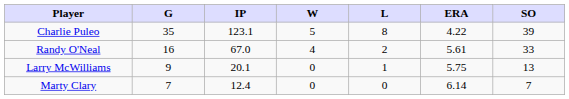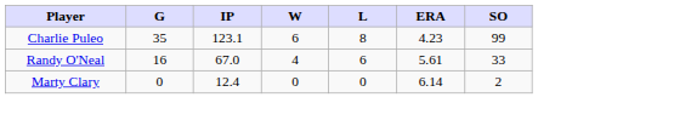 <table class="wikitable sortable">
 <tr>
 <th style="background:#ddf; width:16%">Player</th>
 <th style="background:#ddf; width:9%">G</th>
 <th style="background:#ddf; width:9%">IP</th>
 <th style="background:#ddf; width:9%">W</th>
 <th style="background:#ddf; width:9%">L</th>
 <th style="background:#ddf; width:9%">ERA</th>
 <th style="background:#ddf; width:9%">SO</th>
 </tr>
 <tr align=center>
 <td><a href='#'>Charlie Puleo</a></td>
 <td>35</td>
 <td>123.1</td>
-<td>5</td>
+<td>6</td>
 <td>8</td>
-<td>4.22</td>
-<td>39</td>
+<td>4.23</td>
+<td>99</td>
 </tr>
 <tr align=center>
 <td><a href='#'>Randy O'Neal</a></td>
 <td>16</td>
 <td>67.0</td>
 <td>4</td>
-<td>2</td>
+<td>6</td>
 <td>5.61</td>
 <td>33</td>
 </tr>
 <tr align=center>
-<td><a href='#'>Larry McWilliams</a></td>
-<td>9</td>
-<td>20.1</td>
+<td><a href='#'>Marty Clary</a></td>
 <td>0</td>
-<td>1</td>
-<td>5.75</td>
-<td>13</td>
-</tr>
-<tr align=center>
-<td><a href='#'>Marty Clary</a></td>
-<td>7</td>
 <td>12.4</td>
 <td>0</td>
 <td>0</td>
 <td>6.14</td>
-<td>7</td>
+<td>2</td>
 </tr>
 </table>
